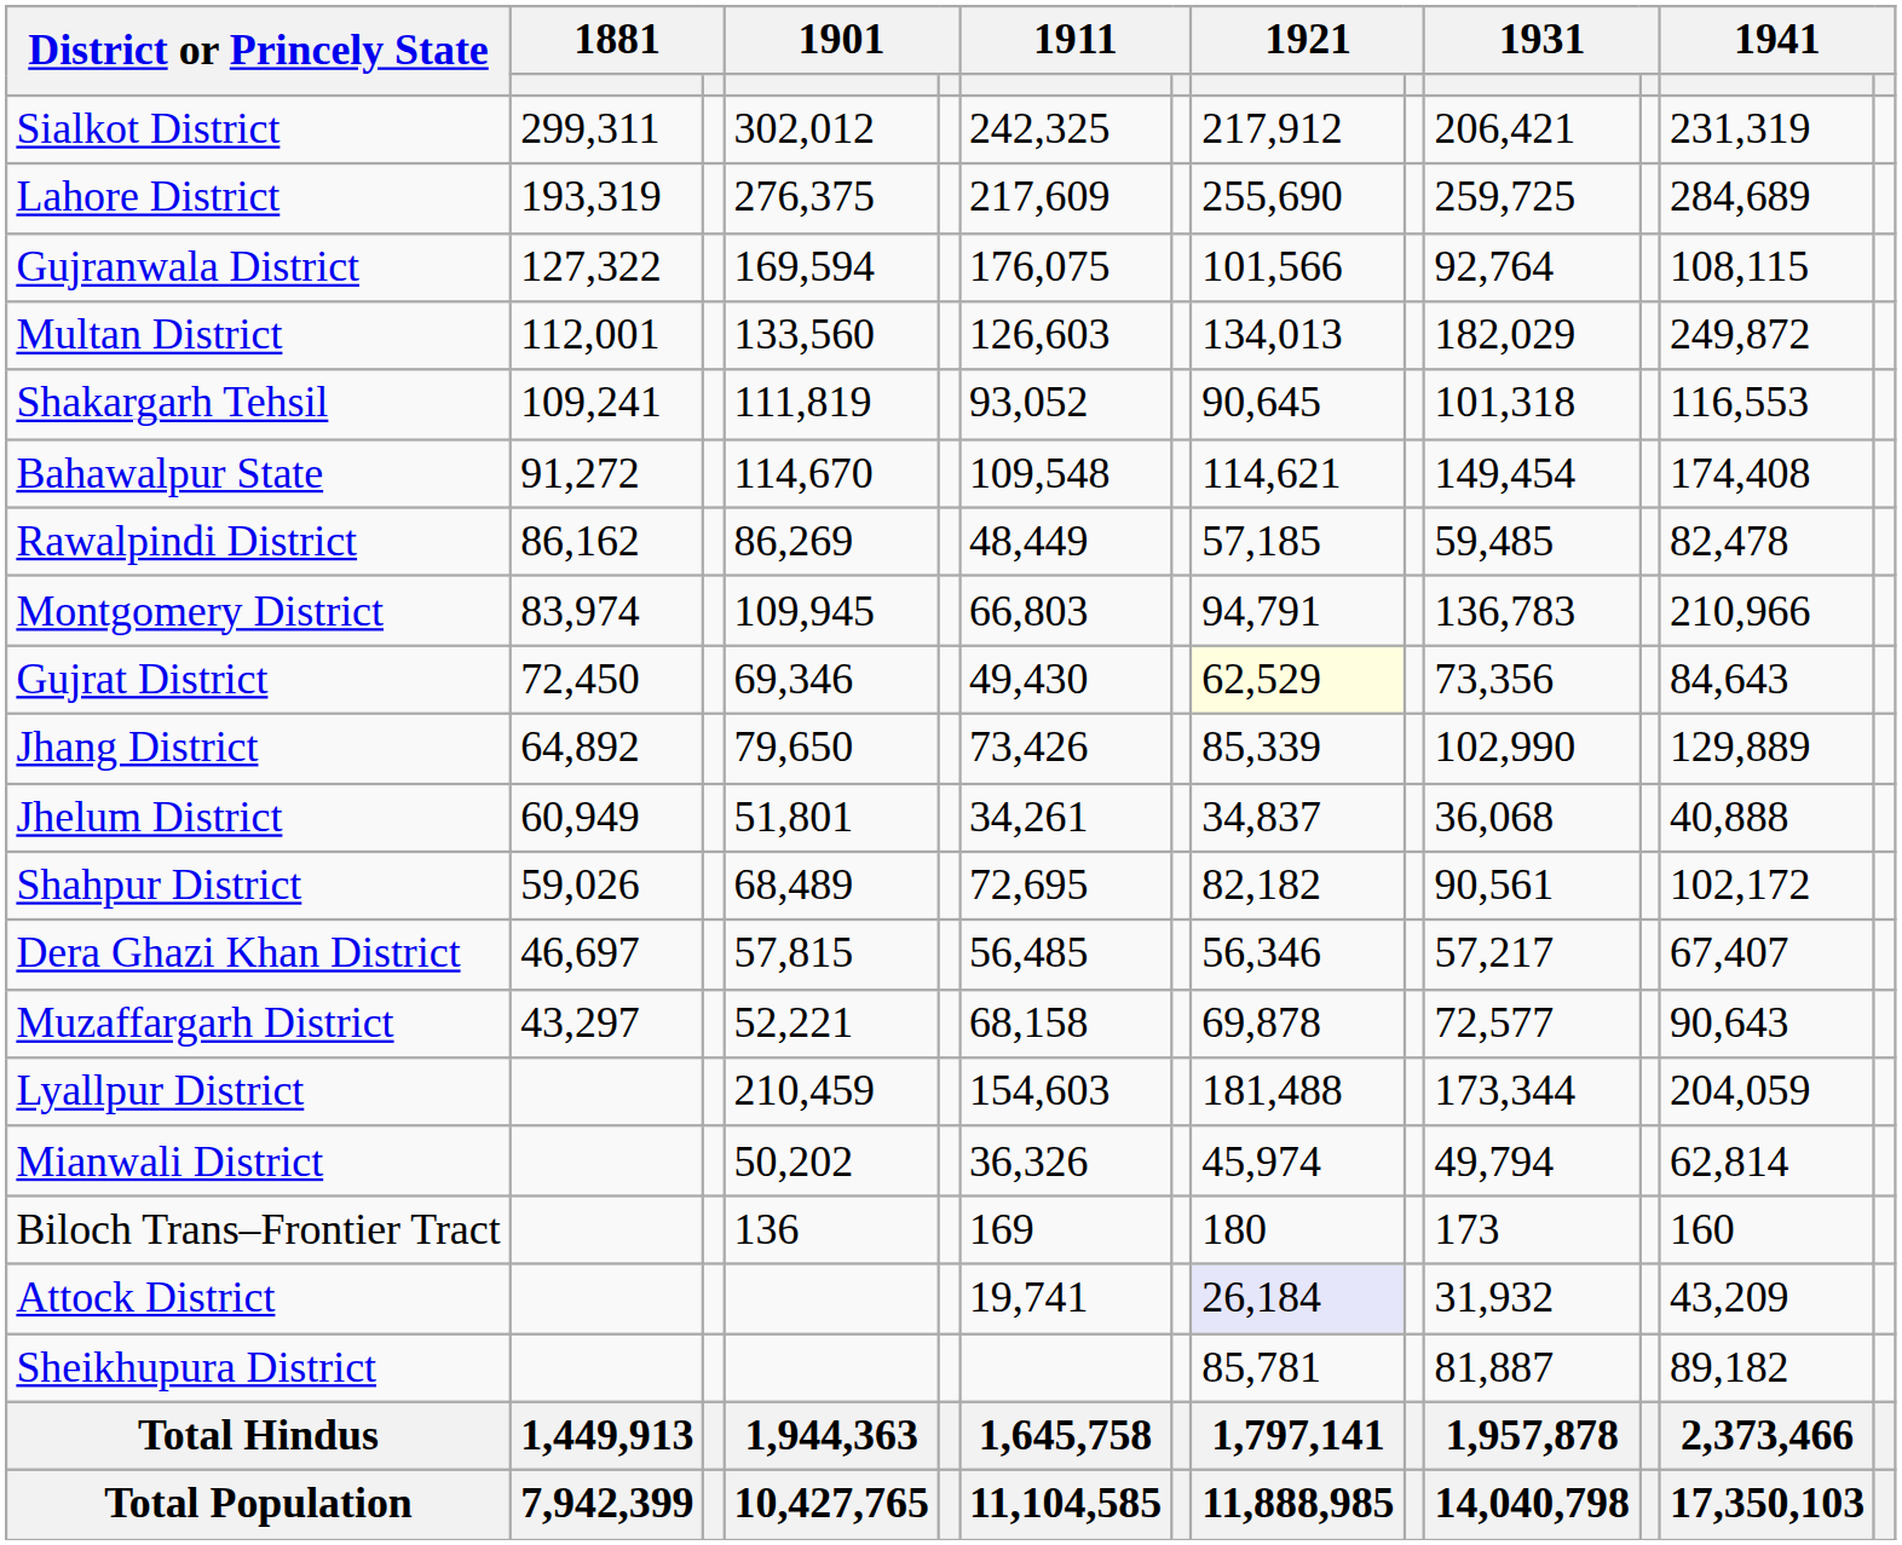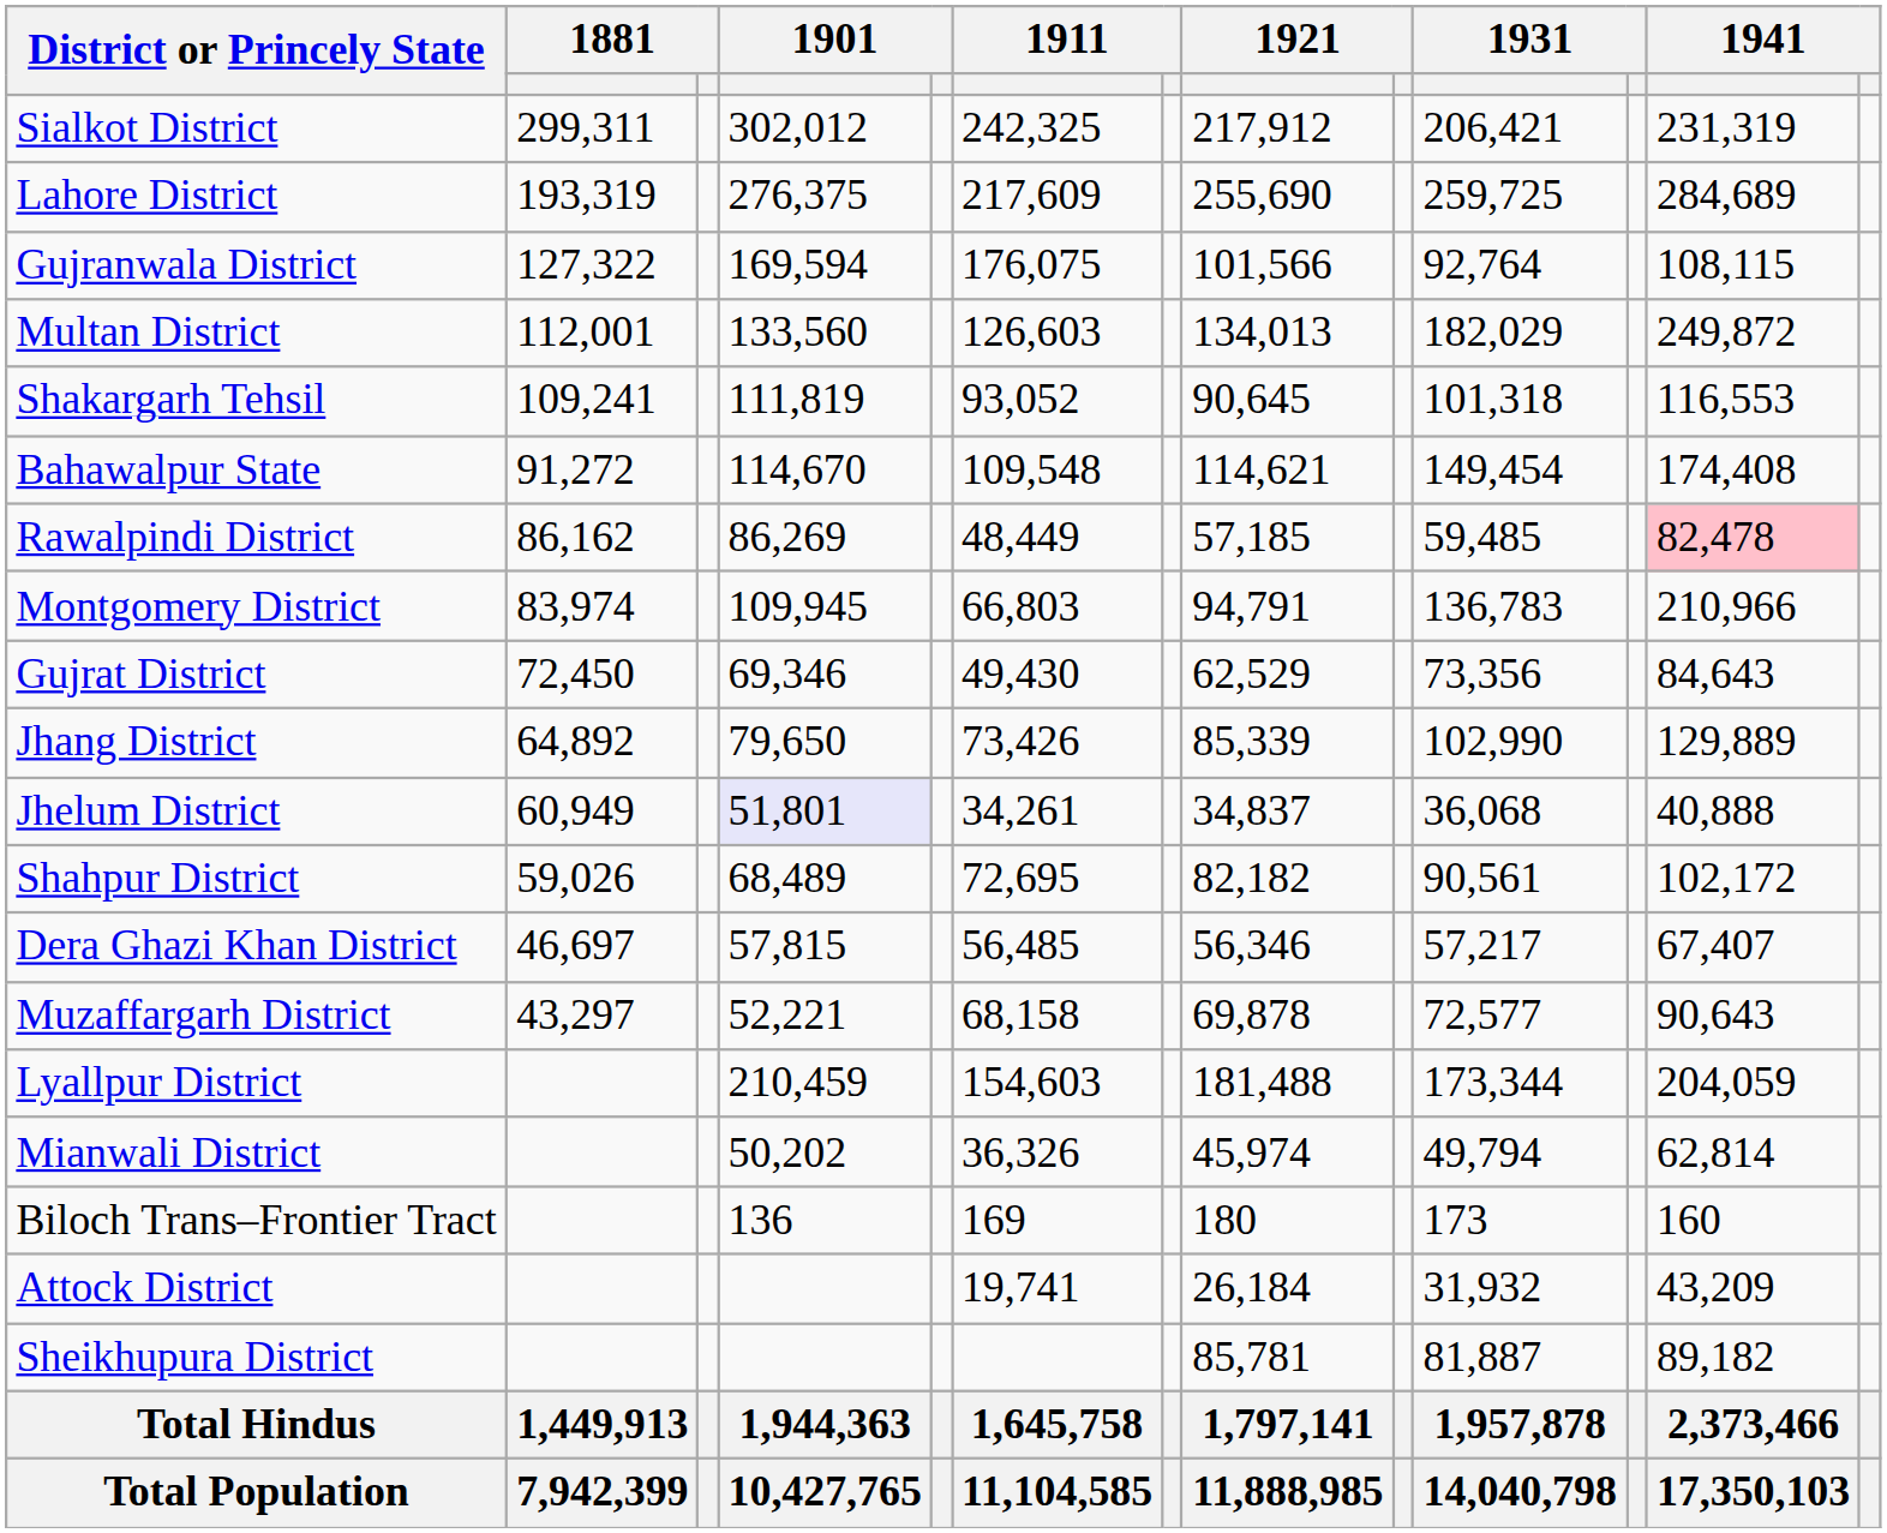 <table class="wikitable sortable">
 <tr>
 <th rowspan="2"><a href='#'>District</a> or <a href='#'>Princely State</a></th>
 <th colspan="2">1881</th>
 <th colspan="2">1901</th>
 <th colspan="2">1911</th>
 <th colspan="2">1921</th>
 <th colspan="2">1931</th>
 <th colspan="2">1941</th>
 </tr>
 <tr>
 <th><a href='#'></a></th>
 <th></th>
 <th></th>
 <th></th>
 <th></th>
 <th></th>
 <th></th>
 <th></th>
 <th></th>
 <th></th>
 <th></th>
 <th></th>
 </tr>
 <tr>
 <td><a href='#'>Sialkot District</a></td>
 <td>299,311</td>
 <td></td>
 <td>302,012</td>
 <td></td>
 <td>242,325</td>
 <td></td>
 <td>217,912</td>
 <td></td>
 <td>206,421</td>
 <td></td>
 <td>231,319</td>
 <td></td>
 </tr>
 <tr>
 <td><a href='#'>Lahore District</a></td>
 <td>193,319</td>
 <td></td>
 <td>276,375</td>
 <td></td>
 <td>217,609</td>
 <td></td>
 <td>255,690</td>
 <td></td>
 <td>259,725</td>
 <td></td>
 <td>284,689</td>
 <td></td>
 </tr>
 <tr>
 <td><a href='#'>Gujranwala District</a></td>
 <td>127,322</td>
 <td></td>
 <td>169,594</td>
 <td></td>
 <td>176,075</td>
 <td></td>
 <td>101,566</td>
 <td></td>
 <td>92,764</td>
 <td></td>
 <td>108,115</td>
 <td></td>
 </tr>
 <tr>
 <td><a href='#'>Multan District</a></td>
 <td>112,001</td>
 <td></td>
 <td>133,560</td>
 <td></td>
 <td>126,603</td>
 <td></td>
 <td>134,013</td>
 <td></td>
 <td>182,029</td>
 <td></td>
 <td>249,872</td>
 <td></td>
 </tr>
 <tr>
 <td><a href='#'>Shakargarh Tehsil</a></td>
 <td>109,241</td>
 <td></td>
 <td>111,819</td>
 <td></td>
 <td>93,052</td>
 <td></td>
 <td>90,645</td>
 <td></td>
 <td>101,318</td>
 <td></td>
 <td>116,553</td>
 <td></td>
 </tr>
 <tr>
 <td><a href='#'>Bahawalpur State</a></td>
 <td>91,272</td>
 <td></td>
 <td>114,670</td>
 <td></td>
 <td>109,548</td>
 <td></td>
 <td>114,621</td>
 <td></td>
 <td>149,454</td>
 <td></td>
 <td>174,408</td>
 <td></td>
 </tr>
 <tr>
 <td><a href='#'>Rawalpindi District</a></td>
 <td>86,162</td>
 <td></td>
 <td>86,269</td>
 <td></td>
 <td>48,449</td>
 <td></td>
 <td>57,185</td>
 <td></td>
 <td>59,485</td>
 <td></td>
-<td>82,478</td>
+<td style="background: pink;">82,478</td>
 <td></td>
 </tr>
 <tr>
 <td><a href='#'>Montgomery District</a></td>
 <td>83,974</td>
 <td></td>
 <td>109,945</td>
 <td></td>
 <td>66,803</td>
 <td></td>
 <td>94,791</td>
 <td></td>
 <td>136,783</td>
 <td></td>
 <td>210,966</td>
 <td></td>
 </tr>
 <tr>
 <td><a href='#'>Gujrat District</a></td>
 <td>72,450</td>
 <td></td>
 <td>69,346</td>
 <td></td>
 <td>49,430</td>
 <td></td>
-<td style="background: lightyellow;">62,529</td>
+<td>62,529</td>
 <td></td>
 <td>73,356</td>
 <td></td>
 <td>84,643</td>
 <td></td>
 </tr>
 <tr>
 <td><a href='#'>Jhang District</a></td>
 <td>64,892</td>
 <td></td>
 <td>79,650</td>
 <td></td>
 <td>73,426</td>
 <td></td>
 <td>85,339</td>
 <td></td>
 <td>102,990</td>
 <td></td>
 <td>129,889</td>
 <td></td>
 </tr>
 <tr>
 <td><a href='#'>Jhelum District</a></td>
 <td>60,949</td>
 <td></td>
-<td>51,801</td>
+<td style="background: lavender;">51,801</td>
 <td></td>
 <td>34,261</td>
 <td></td>
 <td>34,837</td>
 <td></td>
 <td>36,068</td>
 <td></td>
 <td>40,888</td>
 <td></td>
 </tr>
 <tr>
 <td><a href='#'>Shahpur District</a></td>
 <td>59,026</td>
 <td></td>
 <td>68,489</td>
 <td></td>
 <td>72,695</td>
 <td></td>
 <td>82,182</td>
 <td></td>
 <td>90,561</td>
 <td></td>
 <td>102,172</td>
 <td></td>
 </tr>
 <tr>
 <td><a href='#'>Dera Ghazi Khan District</a></td>
 <td>46,697</td>
 <td></td>
 <td>57,815</td>
 <td></td>
 <td>56,485</td>
 <td></td>
 <td>56,346</td>
 <td></td>
 <td>57,217</td>
 <td></td>
 <td>67,407</td>
 <td></td>
 </tr>
 <tr>
 <td><a href='#'>Muzaffargarh District</a></td>
 <td>43,297</td>
 <td></td>
 <td>52,221</td>
 <td></td>
 <td>68,158</td>
 <td></td>
 <td>69,878</td>
 <td></td>
 <td>72,577</td>
 <td></td>
 <td>90,643</td>
 <td></td>
 </tr>
 <tr>
 <td><a href='#'>Lyallpur District</a></td>
 <td></td>
 <td></td>
 <td>210,459</td>
 <td></td>
 <td>154,603</td>
 <td></td>
 <td>181,488</td>
 <td></td>
 <td>173,344</td>
 <td></td>
 <td>204,059</td>
 <td></td>
 </tr>
 <tr>
 <td><a href='#'>Mianwali District</a></td>
 <td></td>
 <td></td>
 <td>50,202</td>
 <td></td>
 <td>36,326</td>
 <td></td>
 <td>45,974</td>
 <td></td>
 <td>49,794</td>
 <td></td>
 <td>62,814</td>
 <td></td>
 </tr>
 <tr>
 <td>Biloch Trans–Frontier Tract</td>
 <td></td>
 <td></td>
 <td>136</td>
 <td></td>
 <td>169</td>
 <td></td>
 <td>180</td>
 <td></td>
 <td>173</td>
 <td></td>
 <td>160</td>
 <td></td>
 </tr>
 <tr>
 <td><a href='#'>Attock District</a></td>
 <td></td>
 <td></td>
 <td></td>
 <td></td>
 <td>19,741</td>
 <td></td>
-<td style="background: lavender;">26,184</td>
+<td>26,184</td>
 <td></td>
 <td>31,932</td>
 <td></td>
 <td>43,209</td>
 <td></td>
 </tr>
 <tr>
 <td><a href='#'>Sheikhupura District</a></td>
 <td></td>
 <td></td>
 <td></td>
 <td></td>
 <td></td>
 <td></td>
 <td>85,781</td>
 <td></td>
 <td>81,887</td>
 <td></td>
 <td>89,182</td>
 <td></td>
 </tr>
 <tr>
 <th>Total Hindus</th>
 <th>1,449,913</th>
 <th></th>
 <th>1,944,363</th>
 <th></th>
 <th>1,645,758</th>
 <th></th>
 <th>1,797,141</th>
 <th></th>
 <th>1,957,878</th>
 <th></th>
 <th>2,373,466</th>
 <th></th>
 </tr>
 <tr>
 <th>Total Population</th>
 <th>7,942,399</th>
 <th></th>
 <th>10,427,765</th>
 <th></th>
 <th>11,104,585</th>
 <th></th>
 <th>11,888,985</th>
 <th></th>
 <th>14,040,798</th>
 <th></th>
 <th>17,350,103</th>
 <th></th>
 </tr>
 </table>
